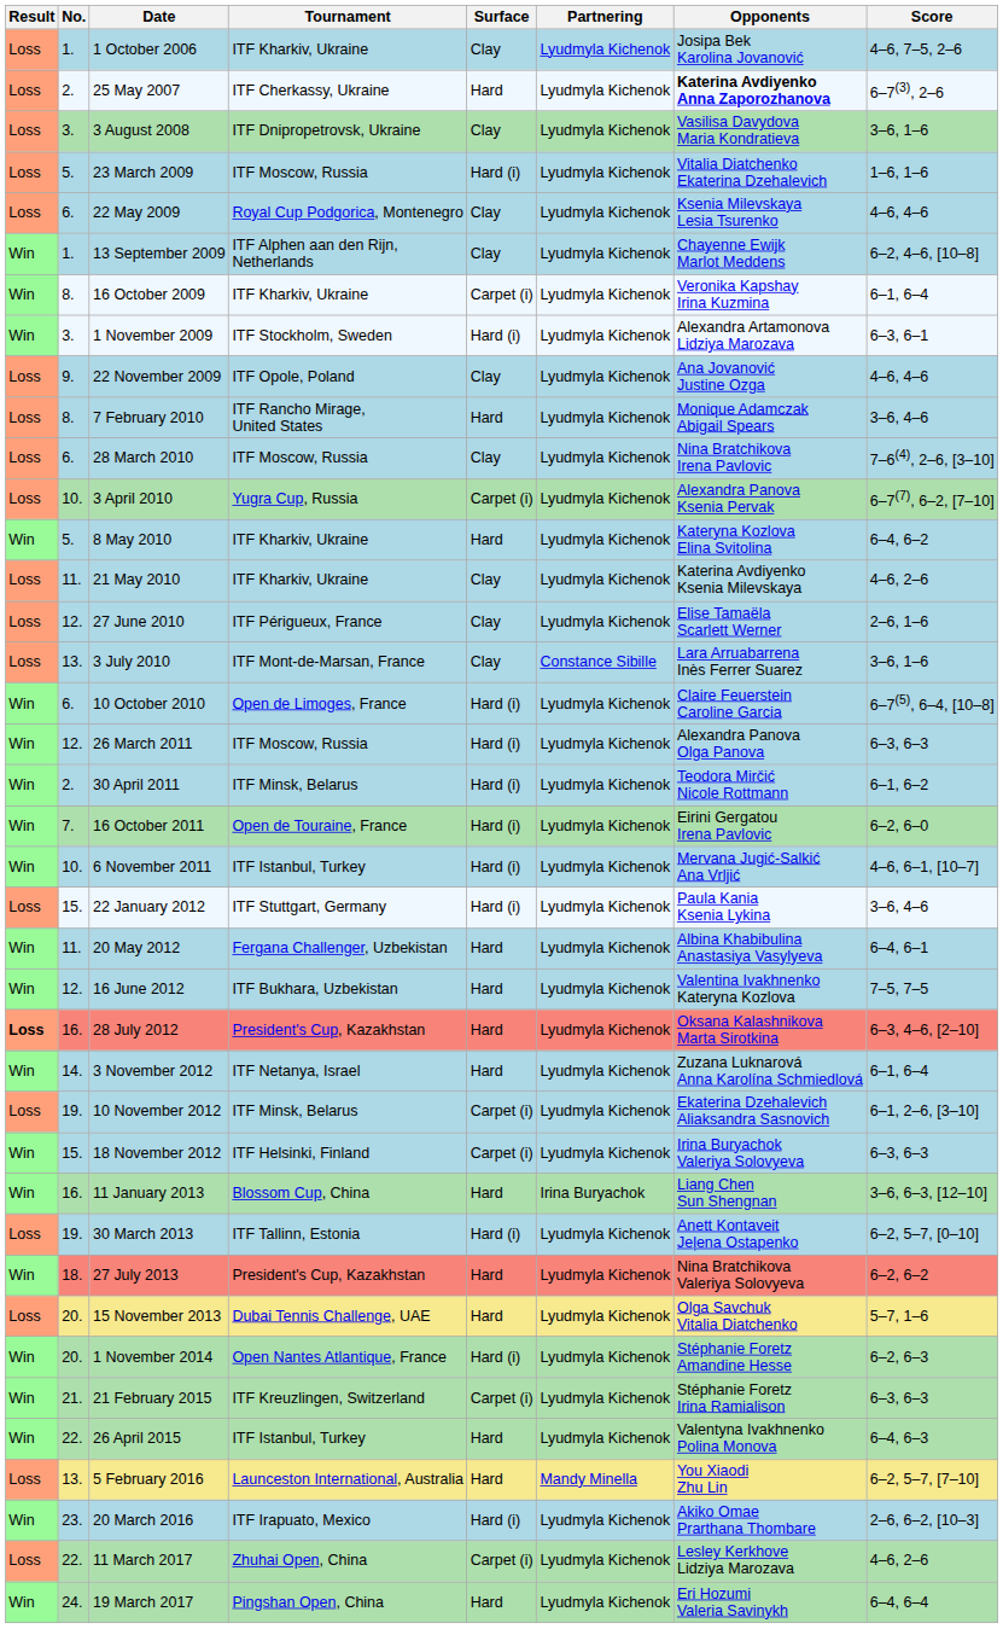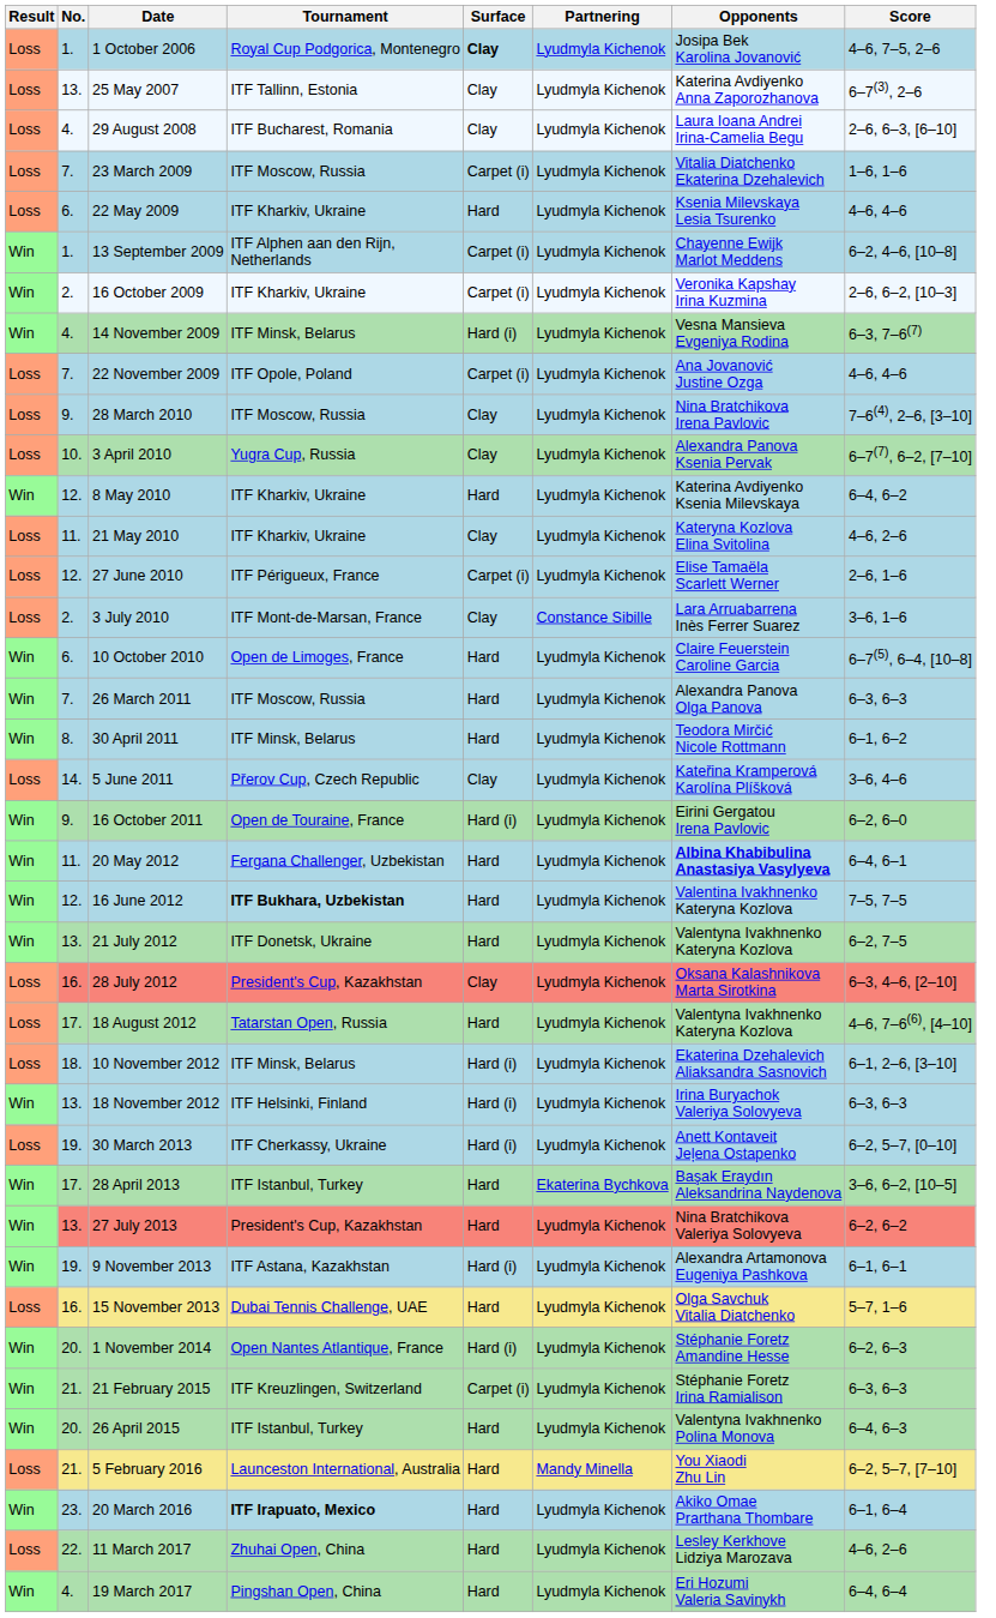 <table class="sortable wikitable">
 <tr>
 <th>Result</th>
 <th>No.</th>
 <th>Date</th>
 <th>Tournament</th>
 <th>Surface</th>
 <th>Partnering</th>
 <th>Opponents</th>
 <th class="unsortable">Score</th>
 </tr>
 <tr style="background:lightblue;">
 <td style="background:#ffa07a;">Loss</td>
 <td>1.</td>
 <td>1 October 2006</td>
-<td>ITF Kharkiv, Ukraine</td>
-<td>Clay</td>
+<td><a href='#'>Royal Cup Podgorica</a>, Montenegro</td>
+<td><strong>Clay</strong></td>
 <td> <a href='#'>Lyudmyla Kichenok</a></td>
 <td> Josipa Bek <br>  <a href='#'>Karolina Jovanović</a></td>
 <td>4–6, 7–5, 2–6</td>
 </tr>
 <tr style="background:#f0f8ff;">
 <td style="background:#ffa07a;">Loss</td>
-<td>2.</td>
+<td>13.</td>
 <td>25 May 2007</td>
-<td>ITF Cherkassy, Ukraine</td>
-<td>Hard</td>
+<td>ITF Tallinn, Estonia</td>
+<td>Clay</td>
 <td> Lyudmyla Kichenok</td>
-<td><strong> Katerina Avdiyenko <br>  <a href='#'>Anna Zaporozhanova</a></strong></td>
+<td> Katerina Avdiyenko <br>  <a href='#'>Anna Zaporozhanova</a></td>
 <td>6–7<sup>(3)</sup>, 2–6</td>
 </tr>
-<tr style="background:#addfad;">
+<tr style="background:#f0f8ff;">
 <td style="background:#ffa07a;">Loss</td>
-<td>3.</td>
-<td>3 August 2008</td>
-<td>ITF Dnipropetrovsk, Ukraine</td>
+<td>4.</td>
+<td>29 August 2008</td>
+<td>ITF Bucharest, Romania</td>
 <td>Clay</td>
 <td> Lyudmyla Kichenok</td>
-<td> <a href='#'>Vasilisa Davydova</a> <br>  <a href='#'>Maria Kondratieva</a></td>
-<td>3–6, 1–6</td>
+<td> <a href='#'>Laura Ioana Andrei</a> <br>  <a href='#'>Irina-Camelia Begu</a></td>
+<td>2–6, 6–3, [6–10]</td>
 </tr>
 <tr style="background:lightblue;">
 <td style="background:#ffa07a;">Loss</td>
-<td>5.</td>
+<td>7.</td>
 <td>23 March 2009</td>
 <td>ITF Moscow, Russia</td>
-<td>Hard (i)</td>
+<td>Carpet (i)</td>
 <td> Lyudmyla Kichenok</td>
 <td> <a href='#'>Vitalia Diatchenko</a> <br>  <a href='#'>Ekaterina Dzehalevich</a></td>
 <td>1–6, 1–6</td>
 </tr>
 <tr style="background:lightblue;">
 <td style="background:#ffa07a;">Loss</td>
 <td>6.</td>
 <td>22 May 2009</td>
-<td><a href='#'>Royal Cup Podgorica</a>, Montenegro</td>
-<td>Clay</td>
+<td>ITF Kharkiv, Ukraine</td>
+<td>Hard</td>
 <td> Lyudmyla Kichenok</td>
 <td> <a href='#'>Ksenia Milevskaya</a> <br>  <a href='#'>Lesia Tsurenko</a></td>
 <td>4–6, 4–6</td>
 </tr>
 <tr style="background:lightblue;">
 <td style="background:#98fb98;">Win</td>
 <td>1.</td>
 <td>13 September 2009</td>
 <td>ITF Alphen aan den Rijn, <br>Netherlands</td>
-<td>Clay</td>
+<td>Carpet (i)</td>
 <td> Lyudmyla Kichenok</td>
 <td> <a href='#'>Chayenne Ewijk</a> <br>  <a href='#'>Marlot Meddens</a></td>
 <td>6–2, 4–6, [10–8]</td>
 </tr>
 <tr style="background:#f0f8ff;">
 <td style="background:#98fb98;">Win</td>
-<td>8.</td>
+<td>2.</td>
 <td>16 October 2009</td>
 <td>ITF Kharkiv, Ukraine</td>
 <td>Carpet (i)</td>
 <td> Lyudmyla Kichenok</td>
 <td> <a href='#'>Veronika Kapshay</a> <br>  <a href='#'>Irina Kuzmina</a></td>
-<td>6–1, 6–4</td>
+<td>2–6, 6–2, [10–3]</td>
 </tr>
-<tr style="background:#f0f8ff;">
+<tr style="background:#addfad;">
 <td style="background:#98fb98;">Win</td>
-<td>3.</td>
-<td>1 November 2009</td>
-<td>ITF Stockholm, Sweden</td>
+<td>4.</td>
+<td>14 November 2009</td>
+<td>ITF Minsk, Belarus</td>
 <td>Hard (i)</td>
 <td> Lyudmyla Kichenok</td>
-<td> Alexandra Artamonova <br>  <a href='#'>Lidziya Marozava</a></td>
-<td>6–3, 6–1</td>
+<td> Vesna Mansieva <br>  <a href='#'>Evgeniya Rodina</a></td>
+<td>6–3, 7–6<sup>(7)</sup></td>
 </tr>
 <tr style="background:lightblue;">
 <td style="background:#ffa07a;">Loss</td>
-<td>9.</td>
+<td>7.</td>
 <td>22 November 2009</td>
 <td>ITF Opole, Poland</td>
-<td>Clay</td>
+<td>Carpet (i)</td>
 <td> Lyudmyla Kichenok</td>
 <td> <a href='#'>Ana Jovanović</a> <br>  <a href='#'>Justine Ozga</a></td>
 <td>4–6, 4–6</td>
 </tr>
 <tr style="background:lightblue;">
 <td style="background:#ffa07a;">Loss</td>
-<td>8.</td>
-<td>7 February 2010</td>
-<td>ITF Rancho Mirage, <br>United States</td>
-<td>Hard</td>
-<td> Lyudmyla Kichenok</td>
-<td> <a href='#'>Monique Adamczak</a> <br>  <a href='#'>Abigail Spears</a></td>
-<td>3–6, 4–6</td>
-</tr>
-<tr style="background:lightblue;">
-<td style="background:#ffa07a;">Loss</td>
-<td>6.</td>
+<td>9.</td>
 <td>28 March 2010</td>
 <td>ITF Moscow, Russia</td>
 <td>Clay</td>
 <td> Lyudmyla Kichenok</td>
 <td> <a href='#'>Nina Bratchikova</a> <br>  <a href='#'>Irena Pavlovic</a></td>
 <td>7–6<sup>(4)</sup>, 2–6, [3–10]</td>
 </tr>
 <tr style="background:#addfad;">
 <td style="background:#ffa07a;">Loss</td>
 <td>10.</td>
 <td>3 April 2010</td>
 <td><a href='#'>Yugra Cup</a>, Russia</td>
-<td>Carpet (i)</td>
+<td>Clay</td>
 <td> Lyudmyla Kichenok</td>
 <td> <a href='#'>Alexandra Panova</a> <br>  <a href='#'>Ksenia Pervak</a></td>
 <td>6–7<sup>(7)</sup>, 6–2, [7–10]</td>
 </tr>
 <tr style="background:lightblue;">
 <td style="background:#98fb98;">Win</td>
-<td>5.</td>
+<td>12.</td>
 <td>8 May 2010</td>
 <td>ITF Kharkiv, Ukraine</td>
 <td>Hard</td>
 <td> Lyudmyla Kichenok</td>
-<td> <a href='#'>Kateryna Kozlova</a> <br>  <a href='#'>Elina Svitolina</a></td>
+<td> Katerina Avdiyenko <br>  Ksenia Milevskaya</td>
 <td>6–4, 6–2</td>
 </tr>
 <tr style="background:lightblue;">
 <td style="background:#ffa07a;">Loss</td>
 <td>11.</td>
 <td>21 May 2010</td>
 <td>ITF Kharkiv, Ukraine</td>
 <td>Clay</td>
 <td> Lyudmyla Kichenok</td>
-<td> Katerina Avdiyenko <br>  Ksenia Milevskaya</td>
+<td> <a href='#'>Kateryna Kozlova</a> <br>  <a href='#'>Elina Svitolina</a></td>
 <td>4–6, 2–6</td>
 </tr>
 <tr style="background:lightblue;">
 <td style="background:#ffa07a;">Loss</td>
 <td>12.</td>
 <td>27 June 2010</td>
 <td>ITF Périgueux, France</td>
-<td>Clay</td>
+<td>Carpet (i)</td>
 <td> Lyudmyla Kichenok</td>
 <td> <a href='#'>Elise Tamaëla</a> <br>  <a href='#'>Scarlett Werner</a></td>
 <td>2–6, 1–6</td>
 </tr>
 <tr style="background:lightblue;">
 <td style="background:#ffa07a;">Loss</td>
-<td>13.</td>
+<td>2.</td>
 <td>3 July 2010</td>
 <td>ITF Mont-de-Marsan, France</td>
 <td>Clay</td>
 <td> <a href='#'>Constance Sibille</a></td>
 <td> <a href='#'>Lara Arruabarrena</a> <br>  Inès Ferrer Suarez</td>
 <td>3–6, 1–6</td>
 </tr>
 <tr style="background:lightblue;">
 <td style="background:#98fb98;">Win</td>
 <td>6.</td>
 <td>10 October 2010</td>
 <td><a href='#'>Open de Limoges</a>, France</td>
-<td>Hard (i)</td>
+<td>Hard</td>
 <td> Lyudmyla Kichenok</td>
 <td> <a href='#'>Claire Feuerstein</a> <br>  <a href='#'>Caroline Garcia</a></td>
 <td>6–7<sup>(5)</sup>, 6–4, [10–8]</td>
 </tr>
 <tr style="background:lightblue;">
 <td style="background:#98fb98;">Win</td>
-<td>12.</td>
+<td>7.</td>
 <td>26 March 2011</td>
 <td>ITF Moscow, Russia</td>
-<td>Hard (i)</td>
+<td>Hard</td>
 <td> Lyudmyla Kichenok</td>
 <td> Alexandra Panova <br>  <a href='#'>Olga Panova</a></td>
 <td>6–3, 6–3</td>
 </tr>
 <tr style="background:lightblue;">
 <td style="background:#98fb98;">Win</td>
-<td>2.</td>
+<td>8.</td>
 <td>30 April 2011</td>
 <td>ITF Minsk, Belarus</td>
-<td>Hard (i)</td>
+<td>Hard</td>
 <td> Lyudmyla Kichenok</td>
 <td> <a href='#'>Teodora Mirčić</a> <br>  <a href='#'>Nicole Rottmann</a></td>
 <td>6–1, 6–2</td>
 </tr>
+<tr style="background:lightblue;">
+<td style="background:#ffa07a;">Loss</td>
+<td>14.</td>
+<td>5 June 2011</td>
+<td><a href='#'>Přerov Cup</a>, Czech Republic</td>
+<td>Clay</td>
+<td> Lyudmyla Kichenok</td>
+<td> <a href='#'>Kateřina Kramperová</a> <br>  <a href='#'>Karolína Plíšková</a></td>
+<td>3–6, 4–6</td>
+</tr>
 <tr style="background:#addfad;">
 <td style="background:#98fb98;">Win</td>
-<td>7.</td>
+<td>9.</td>
 <td>16 October 2011</td>
 <td><a href='#'>Open de Touraine</a>, France</td>
 <td>Hard (i)</td>
 <td> Lyudmyla Kichenok</td>
 <td> Eirini Gergatou <br>  <a href='#'>Irena Pavlovic</a></td>
 <td>6–2, 6–0</td>
 </tr>
 <tr style="background:lightblue;">
 <td style="background:#98fb98;">Win</td>
-<td>10.</td>
-<td>6 November 2011</td>
-<td>ITF Istanbul, Turkey</td>
-<td>Hard (i)</td>
-<td> Lyudmyla Kichenok</td>
-<td> <a href='#'>Mervana Jugić-Salkić</a> <br>  <a href='#'>Ana Vrljić</a></td>
-<td>4–6, 6–1, [10–7]</td>
-</tr>
-<tr style="background:#f0f8ff;">
-<td style="background:#ffa07a;">Loss</td>
-<td>15.</td>
-<td>22 January 2012</td>
-<td>ITF Stuttgart, Germany</td>
-<td>Hard (i)</td>
-<td> Lyudmyla Kichenok</td>
-<td> <a href='#'>Paula Kania</a> <br>  <a href='#'>Ksenia Lykina</a></td>
-<td>3–6, 4–6</td>
-</tr>
-<tr style="background:lightblue;">
-<td style="background:#98fb98;">Win</td>
 <td>11.</td>
 <td>20 May 2012</td>
 <td><a href='#'>Fergana Challenger</a>, Uzbekistan</td>
 <td>Hard</td>
 <td> Lyudmyla Kichenok</td>
-<td> <a href='#'>Albina Khabibulina</a> <br>  <a href='#'>Anastasiya Vasylyeva</a></td>
+<td><strong> <a href='#'>Albina Khabibulina</a> <br>  <a href='#'>Anastasiya Vasylyeva</a></strong></td>
 <td>6–4, 6–1</td>
 </tr>
 <tr style="background:lightblue;">
 <td style="background:#98fb98;">Win</td>
 <td>12.</td>
 <td>16 June 2012</td>
-<td>ITF Bukhara, Uzbekistan</td>
+<td><strong>ITF Bukhara, Uzbekistan</strong></td>
 <td>Hard</td>
 <td> Lyudmyla Kichenok</td>
 <td> <a href='#'>Valentina Ivakhnenko</a> <br>  Kateryna Kozlova</td>
 <td>7–5, 7–5</td>
 </tr>
+<tr style="background:#addfad;">
+<td style="background:#98fb98;">Win</td>
+<td>13.</td>
+<td>21 July 2012</td>
+<td>ITF Donetsk, Ukraine</td>
+<td>Hard</td>
+<td> Lyudmyla Kichenok</td>
+<td> Valentyna Ivakhnenko <br>  Kateryna Kozlova</td>
+<td>6–2, 7–5</td>
+</tr>
 <tr style="background:#f88379;">
-<td style="background:#ffa07a;"><strong>Loss</strong></td>
+<td style="background:#ffa07a;">Loss</td>
 <td>16.</td>
 <td>28 July 2012</td>
 <td><a href='#'>President's Cup</a>, Kazakhstan</td>
-<td>Hard</td>
+<td>Clay</td>
 <td> Lyudmyla Kichenok</td>
 <td> <a href='#'>Oksana Kalashnikova</a> <br>  <a href='#'>Marta Sirotkina</a></td>
 <td>6–3, 4–6, [2–10]</td>
 </tr>
-<tr style="background:lightblue;">
-<td style="background:#98fb98;">Win</td>
-<td>14.</td>
-<td>3 November 2012</td>
-<td>ITF Netanya, Israel</td>
+<tr style="background:#addfad;">
+<td style="background:#ffa07a;">Loss</td>
+<td>17.</td>
+<td>18 August 2012</td>
+<td><a href='#'>Tatarstan Open</a>, Russia</td>
 <td>Hard</td>
 <td> Lyudmyla Kichenok</td>
-<td> Zuzana Luknarová <br>  <a href='#'>Anna Karolína Schmiedlová</a></td>
-<td>6–1, 6–4</td>
+<td> Valentyna Ivakhnenko <br>  Kateryna Kozlova</td>
+<td>4–6, 7–6<sup>(6)</sup>, [4–10]</td>
 </tr>
 <tr style="background:lightblue;">
 <td style="background:#ffa07a;">Loss</td>
-<td>19.</td>
+<td>18.</td>
 <td>10 November 2012</td>
 <td>ITF Minsk, Belarus</td>
-<td>Carpet (i)</td>
+<td>Hard (i)</td>
 <td> Lyudmyla Kichenok</td>
 <td> <a href='#'>Ekaterina Dzehalevich</a> <br>  <a href='#'>Aliaksandra Sasnovich</a></td>
 <td>6–1, 2–6, [3–10]</td>
 </tr>
 <tr style="background:lightblue;">
 <td style="background:#98fb98;">Win</td>
-<td>15.</td>
+<td>13.</td>
 <td>18 November 2012</td>
 <td>ITF Helsinki, Finland</td>
-<td>Carpet (i)</td>
+<td>Hard (i)</td>
 <td> Lyudmyla Kichenok</td>
 <td> <a href='#'>Irina Buryachok</a> <br>  <a href='#'>Valeriya Solovyeva</a></td>
 <td>6–3, 6–3</td>
-</tr>
-<tr style="background:#addfad;">
-<td style="background:#98fb98;">Win</td>
-<td>16.</td>
-<td>11 January 2013</td>
-<td><a href='#'>Blossom Cup</a>, China</td>
-<td>Hard</td>
-<td> Irina Buryachok</td>
-<td> <a href='#'>Liang Chen</a> <br>  <a href='#'>Sun Shengnan</a></td>
-<td>3–6, 6–3, [12–10]</td>
 </tr>
 <tr style="background:lightblue;">
 <td style="background:#ffa07a;">Loss</td>
 <td>19.</td>
 <td>30 March 2013</td>
-<td>ITF Tallinn, Estonia</td>
+<td>ITF Cherkassy, Ukraine</td>
 <td>Hard (i)</td>
 <td> Lyudmyla Kichenok</td>
 <td> <a href='#'>Anett Kontaveit</a> <br>  <a href='#'>Jeļena Ostapenko</a></td>
 <td>6–2, 5–7, [0–10]</td>
 </tr>
+<tr style="background:#addfad;">
+<td style="background:#98fb98;">Win</td>
+<td>17.</td>
+<td>28 April 2013</td>
+<td>ITF Istanbul, Turkey</td>
+<td>Hard</td>
+<td> <a href='#'>Ekaterina Bychkova</a></td>
+<td> <a href='#'>Başak Eraydın</a> <br>  <a href='#'>Aleksandrina Naydenova</a></td>
+<td>3–6, 6–2, [10–5]</td>
+</tr>
 <tr style="background:#f88379;">
 <td style="background:#98fb98;">Win</td>
-<td>18.</td>
+<td>13.</td>
 <td>27 July 2013</td>
 <td>President's Cup, Kazakhstan</td>
 <td>Hard</td>
 <td> Lyudmyla Kichenok</td>
 <td> Nina Bratchikova <br>  Valeriya Solovyeva</td>
 <td>6–2, 6–2</td>
 </tr>
+<tr style="background:lightblue;">
+<td style="background:#98fb98;">Win</td>
+<td>19.</td>
+<td>9 November 2013</td>
+<td>ITF Astana, Kazakhstan</td>
+<td>Hard (i)</td>
+<td> Lyudmyla Kichenok</td>
+<td> Alexandra Artamonova <br>  <a href='#'>Eugeniya Pashkova</a></td>
+<td>6–1, 6–1</td>
+</tr>
 <tr style="background:#f7e98e;">
 <td style="background:#ffa07a;">Loss</td>
-<td>20.</td>
+<td>16.</td>
 <td>15 November 2013</td>
 <td><a href='#'>Dubai Tennis Challenge</a>, UAE</td>
 <td>Hard</td>
 <td> Lyudmyla Kichenok</td>
 <td> <a href='#'>Olga Savchuk</a> <br>  <a href='#'>Vitalia Diatchenko</a></td>
 <td>5–7, 1–6</td>
 </tr>
 <tr style="background:#addfad;">
 <td style="background:#98fb98;">Win</td>
 <td>20.</td>
 <td>1 November 2014</td>
 <td><a href='#'>Open Nantes Atlantique</a>, France</td>
 <td>Hard (i)</td>
 <td> Lyudmyla Kichenok</td>
 <td> <a href='#'>Stéphanie Foretz</a> <br>  <a href='#'>Amandine Hesse</a></td>
 <td>6–2, 6–3</td>
 </tr>
 <tr style="background:#addfad;">
 <td style="background:#98fb98;">Win</td>
 <td>21.</td>
 <td>21 February 2015</td>
 <td>ITF Kreuzlingen, Switzerland</td>
 <td>Carpet (i)</td>
 <td> Lyudmyla Kichenok</td>
 <td> Stéphanie Foretz <br>  <a href='#'>Irina Ramialison</a></td>
 <td>6–3, 6–3</td>
 </tr>
 <tr style="background:#addfad;">
 <td style="background:#98fb98;">Win</td>
-<td>22.</td>
+<td>20.</td>
 <td>26 April 2015</td>
 <td>ITF Istanbul, Turkey</td>
 <td>Hard</td>
 <td> Lyudmyla Kichenok</td>
 <td> Valentyna Ivakhnenko <br>  <a href='#'>Polina Monova</a></td>
 <td>6–4, 6–3</td>
 </tr>
 <tr style="background:#f7e98e;">
 <td style="background:#ffa07a;">Loss</td>
-<td>13.</td>
+<td>21.</td>
 <td>5 February 2016</td>
 <td><a href='#'>Launceston International</a>, Australia</td>
 <td>Hard</td>
 <td> <a href='#'>Mandy Minella</a></td>
 <td> <a href='#'>You Xiaodi</a> <br>  <a href='#'>Zhu Lin</a></td>
 <td>6–2, 5–7, [7–10]</td>
 </tr>
 <tr style="background:lightblue;">
 <td style="background:#98fb98;">Win</td>
 <td>23.</td>
 <td>20 March 2016</td>
-<td>ITF Irapuato, Mexico</td>
-<td>Hard (i)</td>
+<td><strong>ITF Irapuato, Mexico</strong></td>
+<td>Hard</td>
 <td> Lyudmyla Kichenok</td>
 <td> <a href='#'>Akiko Omae</a> <br>  <a href='#'>Prarthana Thombare</a></td>
-<td>2–6, 6–2, [10–3]</td>
+<td>6–1, 6–4</td>
 </tr>
 <tr style="background:#addfad;">
 <td style="background:#FFA07A">Loss</td>
 <td>22.</td>
 <td>11 March 2017</td>
 <td><a href='#'>Zhuhai Open</a>, China</td>
-<td>Carpet (i)</td>
+<td>Hard</td>
 <td> Lyudmyla Kichenok</td>
 <td> <a href='#'>Lesley Kerkhove</a> <br>  Lidziya Marozava</td>
 <td>4–6, 2–6</td>
 </tr>
 <tr style="background:#addfad;">
 <td style="background:#98fb98;">Win</td>
-<td>24.</td>
+<td>4.</td>
 <td>19 March 2017</td>
 <td><a href='#'>Pingshan Open</a>, China</td>
 <td>Hard</td>
 <td> Lyudmyla Kichenok</td>
 <td> <a href='#'>Eri Hozumi</a> <br>  <a href='#'>Valeria Savinykh</a></td>
 <td>6–4, 6–4</td>
 </tr>
 </table>
